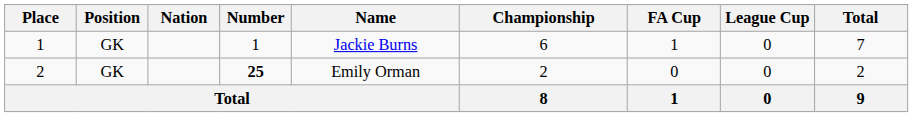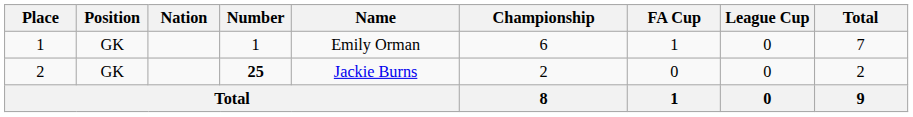 <table class="wikitable" style="font-size: 95%; text-align: center;">
 <tr>
 <th width=60>Place</th>
 <th width=60>Position</th>
 <th width=60>Nation</th>
 <th width=60>Number</th>
 <th width=150>Name</th>
 <th width=150>Championship</th>
 <th width=80>FA Cup</th>
 <th width=80>League Cup</th>
 <th width=80>Total</th>
 </tr>
 <tr>
 <td>1</td>
 <td>GK</td>
 <td></td>
 <td>1</td>
-<td><a href='#'>Jackie Burns</a></td>
+<td>Emily Orman</td>
 <td>6</td>
 <td>1</td>
 <td>0</td>
 <td>7</td>
 </tr>
 <tr>
 <td>2</td>
 <td>GK</td>
 <td></td>
 <td><strong>25</strong></td>
-<td>Emily Orman</td>
+<td><a href='#'>Jackie Burns</a></td>
 <td>2</td>
 <td>0</td>
 <td>0</td>
 <td>2</td>
 </tr>
 <tr>
 <th colspan=5>Total</th>
 <th>8</th>
 <th>1</th>
 <th>0</th>
 <th>9</th>
 </tr>
 </table>
